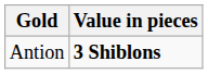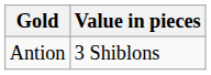 <table class="wikitable">
 <tr>
 <th>Gold</th>
 <th>Value in pieces</th>
 </tr>
 <tr>
 <td>Antion</td>
-<td><strong>3 Shiblons</strong></td>
+<td>3 Shiblons</td>
 </tr>
 </table>
